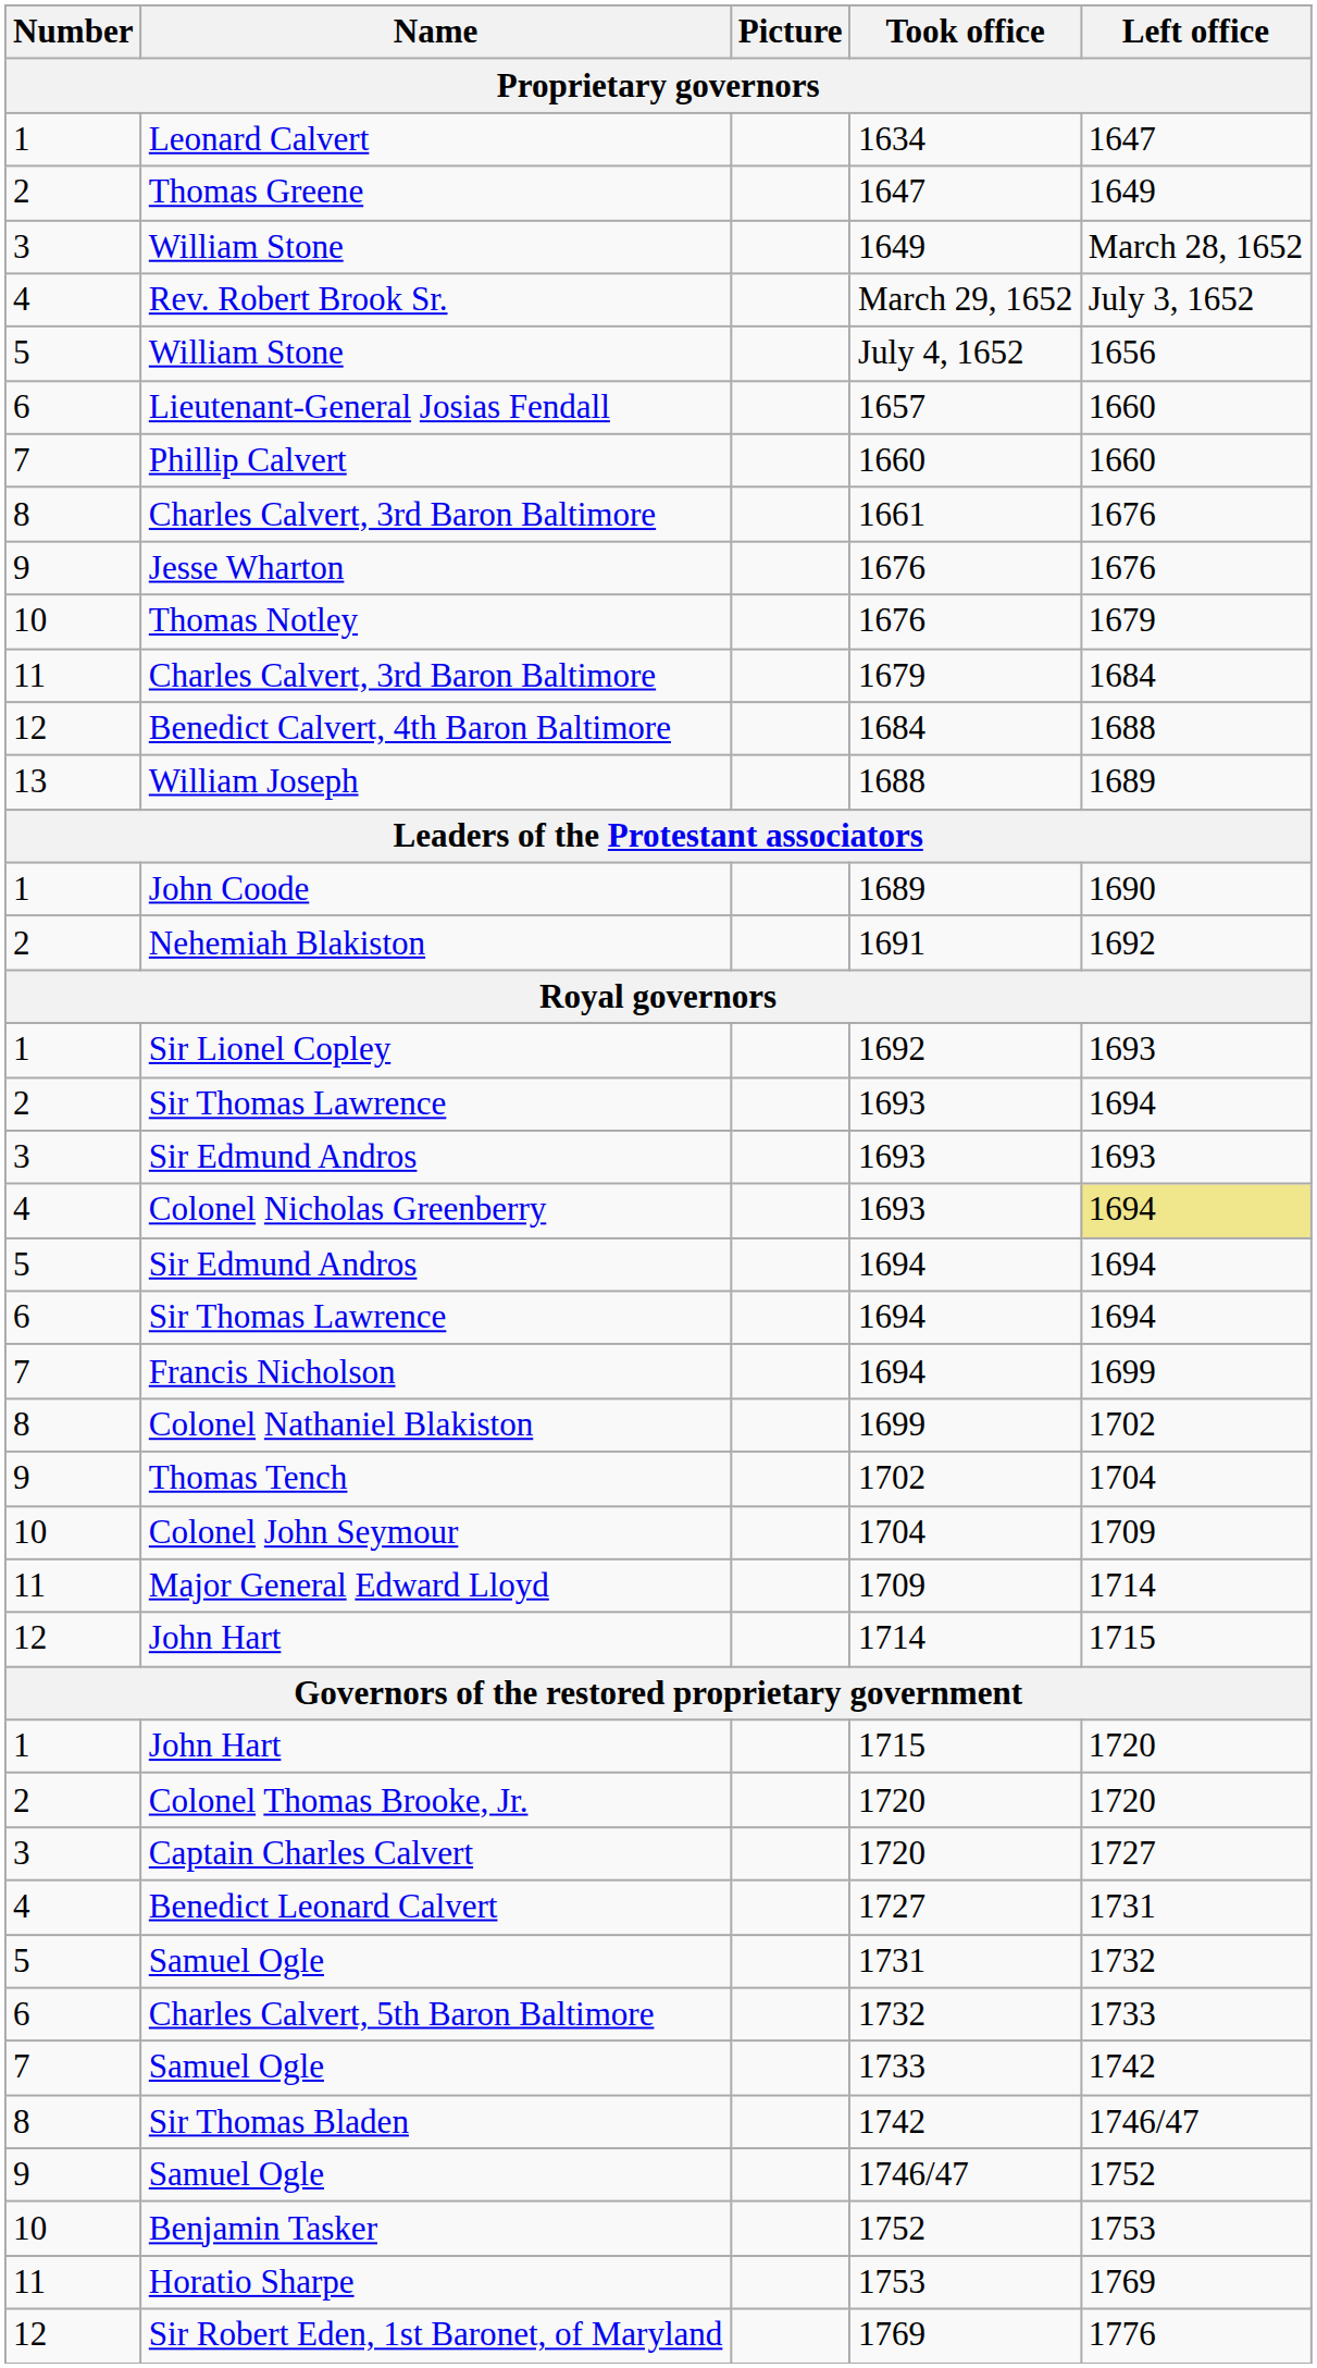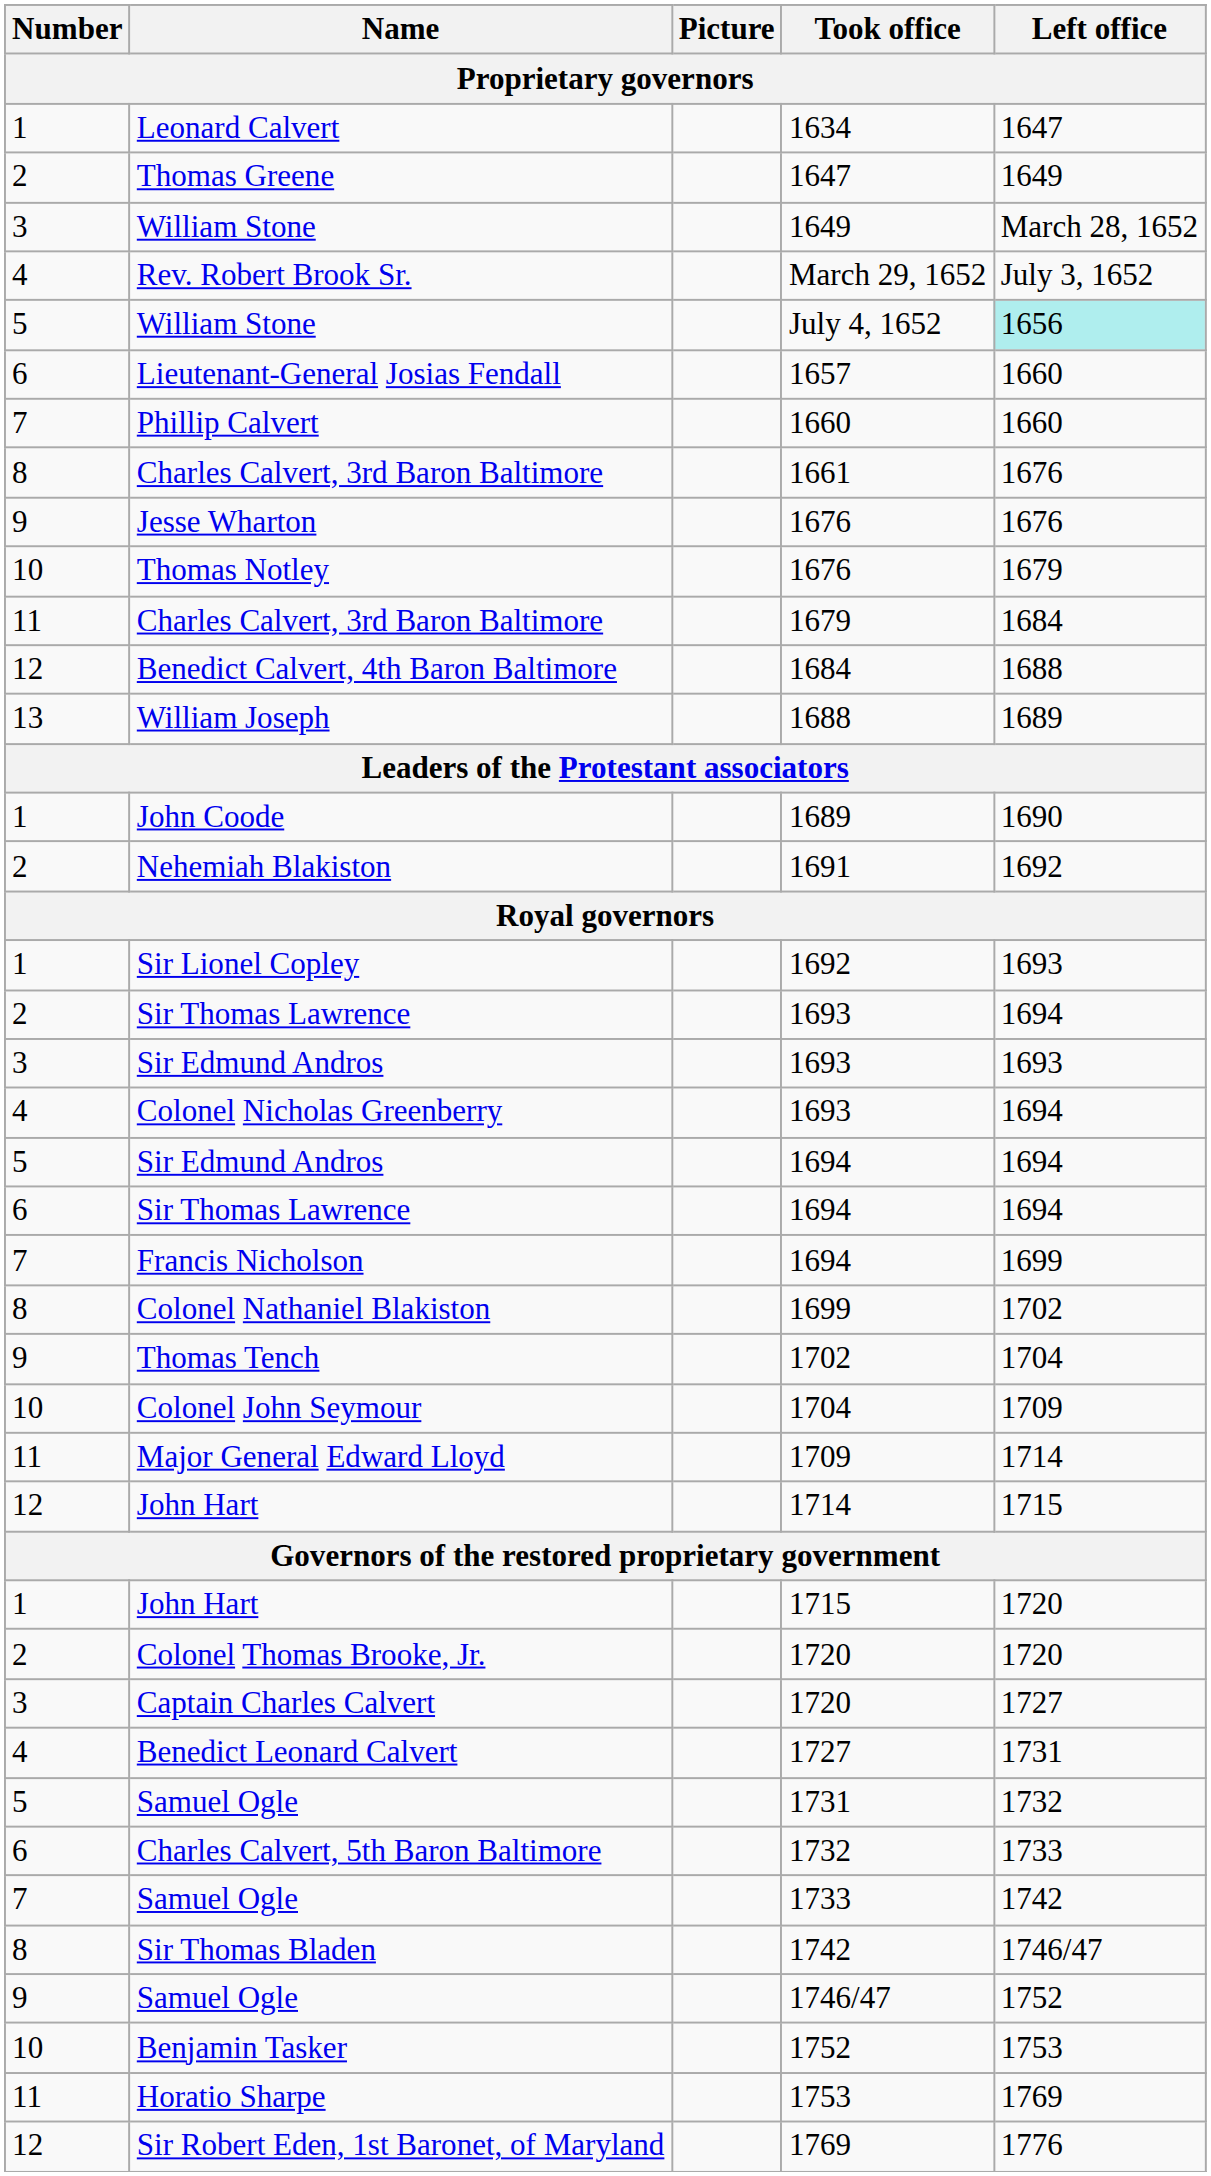 <table class="wikitable">
 <tr>
 <th>Number</th>
 <th>Name</th>
 <th>Picture</th>
 <th>Took office</th>
 <th>Left office</th>
 </tr>
 <tr>
 <th colspan=5>Proprietary governors</th>
 </tr>
 <tr>
 <td>1</td>
 <td><a href='#'>Leonard Calvert</a></td>
 <td></td>
 <td>1634</td>
 <td>1647</td>
 </tr>
 <tr>
 <td>2</td>
 <td><a href='#'>Thomas Greene</a></td>
 <td></td>
 <td>1647</td>
 <td>1649</td>
 </tr>
 <tr>
 <td>3</td>
 <td><a href='#'>William Stone</a></td>
 <td></td>
 <td>1649</td>
 <td>March 28, 1652</td>
 </tr>
 <tr>
 <td>4</td>
 <td><a href='#'>Rev. Robert Brook Sr.</a></td>
 <td></td>
 <td>March 29, 1652</td>
 <td>July 3, 1652</td>
 </tr>
 <tr>
 <td>5</td>
 <td><a href='#'>William Stone</a></td>
 <td></td>
 <td>July 4, 1652</td>
-<td>1656</td>
+<td style="background: paleturquoise;">1656</td>
 </tr>
 <tr>
 <td>6</td>
 <td><a href='#'>Lieutenant-General</a> <a href='#'>Josias Fendall</a></td>
 <td></td>
 <td>1657</td>
 <td>1660</td>
 </tr>
 <tr>
 <td>7</td>
 <td><a href='#'>Phillip Calvert</a></td>
 <td></td>
 <td>1660</td>
 <td>1660</td>
 </tr>
 <tr>
 <td>8</td>
 <td><a href='#'>Charles Calvert, 3rd Baron Baltimore</a></td>
 <td></td>
 <td>1661</td>
 <td>1676</td>
 </tr>
 <tr>
 <td>9</td>
 <td><a href='#'>Jesse Wharton</a></td>
 <td></td>
 <td>1676</td>
 <td>1676</td>
 </tr>
 <tr>
 <td>10</td>
 <td><a href='#'>Thomas Notley</a></td>
 <td></td>
 <td>1676</td>
 <td>1679</td>
 </tr>
 <tr>
 <td>11</td>
 <td><a href='#'>Charles Calvert, 3rd Baron Baltimore</a></td>
 <td></td>
 <td>1679</td>
 <td>1684</td>
 </tr>
 <tr>
 <td>12</td>
 <td><a href='#'>Benedict Calvert, 4th Baron Baltimore</a></td>
 <td></td>
 <td>1684</td>
 <td>1688</td>
 </tr>
 <tr>
 <td>13</td>
 <td><a href='#'>William Joseph</a></td>
 <td></td>
 <td>1688</td>
 <td>1689</td>
 </tr>
 <tr>
 <th colspan=5>Leaders of the <a href='#'>Protestant associators</a></th>
 </tr>
 <tr>
 <td>1</td>
 <td><a href='#'>John Coode</a></td>
 <td></td>
 <td>1689</td>
 <td>1690</td>
 </tr>
 <tr>
 <td>2</td>
 <td><a href='#'>Nehemiah Blakiston</a></td>
 <td></td>
 <td>1691</td>
 <td>1692</td>
 </tr>
 <tr>
 <th colspan=5>Royal governors</th>
 </tr>
 <tr>
 <td>1</td>
 <td><a href='#'>Sir Lionel Copley</a></td>
 <td></td>
 <td>1692</td>
 <td>1693</td>
 </tr>
 <tr>
 <td>2</td>
 <td><a href='#'>Sir Thomas Lawrence</a></td>
 <td></td>
 <td>1693</td>
 <td>1694</td>
 </tr>
 <tr>
 <td>3</td>
 <td><a href='#'>Sir Edmund Andros</a></td>
 <td></td>
 <td>1693</td>
 <td>1693</td>
 </tr>
 <tr>
 <td>4</td>
 <td><a href='#'>Colonel</a> <a href='#'>Nicholas Greenberry</a></td>
 <td></td>
 <td>1693</td>
-<td style="background: khaki;">1694</td>
+<td>1694</td>
 </tr>
 <tr>
 <td>5</td>
 <td><a href='#'>Sir Edmund Andros</a></td>
 <td></td>
 <td>1694</td>
 <td>1694</td>
 </tr>
 <tr>
 <td>6</td>
 <td><a href='#'>Sir Thomas Lawrence</a></td>
 <td></td>
 <td>1694</td>
 <td>1694</td>
 </tr>
 <tr>
 <td>7</td>
 <td><a href='#'>Francis Nicholson</a></td>
 <td></td>
 <td>1694</td>
 <td>1699</td>
 </tr>
 <tr>
 <td>8</td>
 <td><a href='#'>Colonel</a> <a href='#'>Nathaniel Blakiston</a></td>
 <td></td>
 <td>1699</td>
 <td>1702</td>
 </tr>
 <tr>
 <td>9</td>
 <td><a href='#'>Thomas Tench</a></td>
 <td></td>
 <td>1702</td>
 <td>1704</td>
 </tr>
 <tr>
 <td>10</td>
 <td><a href='#'>Colonel</a> <a href='#'>John Seymour</a></td>
 <td></td>
 <td>1704</td>
 <td>1709</td>
 </tr>
 <tr>
 <td>11</td>
 <td><a href='#'>Major General</a> <a href='#'>Edward Lloyd</a></td>
 <td></td>
 <td>1709</td>
 <td>1714</td>
 </tr>
 <tr>
 <td>12</td>
 <td><a href='#'>John Hart</a></td>
 <td></td>
 <td>1714</td>
 <td>1715</td>
 </tr>
 <tr>
 <th colspan=5>Governors of the restored proprietary government</th>
 </tr>
 <tr>
 <td>1</td>
 <td><a href='#'>John Hart</a></td>
 <td></td>
 <td>1715</td>
 <td>1720</td>
 </tr>
 <tr>
 <td>2</td>
 <td><a href='#'>Colonel</a> <a href='#'>Thomas Brooke, Jr.</a></td>
 <td></td>
 <td>1720</td>
 <td>1720</td>
 </tr>
 <tr>
 <td>3</td>
 <td><a href='#'>Captain Charles Calvert</a></td>
 <td></td>
 <td>1720</td>
 <td>1727</td>
 </tr>
 <tr>
 <td>4</td>
 <td><a href='#'>Benedict Leonard Calvert</a></td>
 <td></td>
 <td>1727</td>
 <td>1731</td>
 </tr>
 <tr>
 <td>5</td>
 <td><a href='#'>Samuel Ogle</a></td>
 <td></td>
 <td>1731</td>
 <td>1732</td>
 </tr>
 <tr>
 <td>6</td>
 <td><a href='#'>Charles Calvert, 5th Baron Baltimore</a></td>
 <td></td>
 <td>1732</td>
 <td>1733</td>
 </tr>
 <tr>
 <td>7</td>
 <td><a href='#'>Samuel Ogle</a></td>
 <td></td>
 <td>1733</td>
 <td>1742</td>
 </tr>
 <tr>
 <td>8</td>
 <td><a href='#'>Sir Thomas Bladen</a></td>
 <td></td>
 <td>1742</td>
 <td>1746/47</td>
 </tr>
 <tr>
 <td>9</td>
 <td><a href='#'>Samuel Ogle</a></td>
 <td></td>
 <td>1746/47</td>
 <td>1752</td>
 </tr>
 <tr>
 <td>10</td>
 <td><a href='#'>Benjamin Tasker</a></td>
 <td></td>
 <td>1752</td>
 <td>1753</td>
 </tr>
 <tr>
 <td>11</td>
 <td><a href='#'>Horatio Sharpe</a></td>
 <td></td>
 <td>1753</td>
 <td>1769</td>
 </tr>
 <tr>
 <td>12</td>
 <td><a href='#'>Sir Robert Eden, 1st Baronet, of Maryland</a></td>
 <td></td>
 <td>1769</td>
 <td>1776</td>
 </tr>
 <tr>
 </tr>
 </table>
